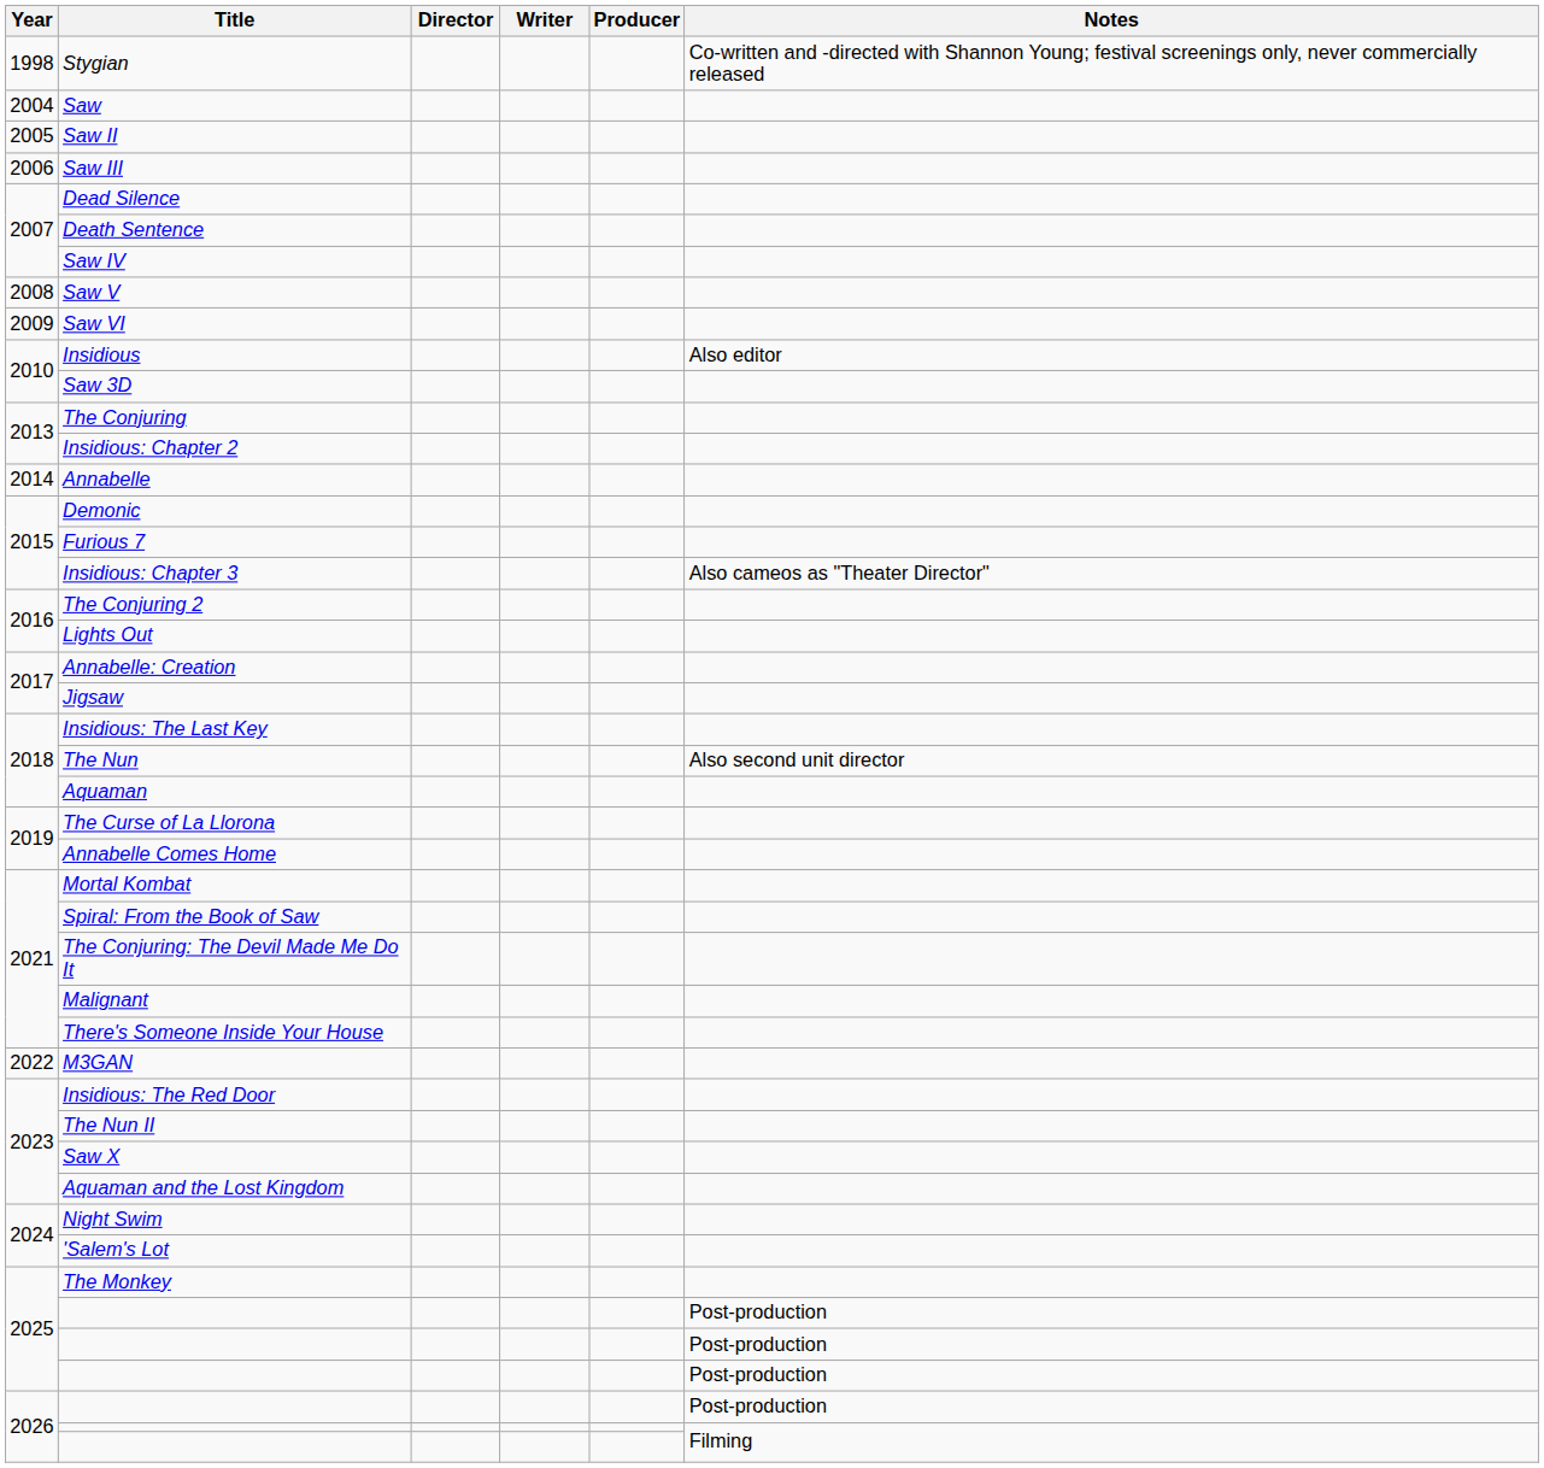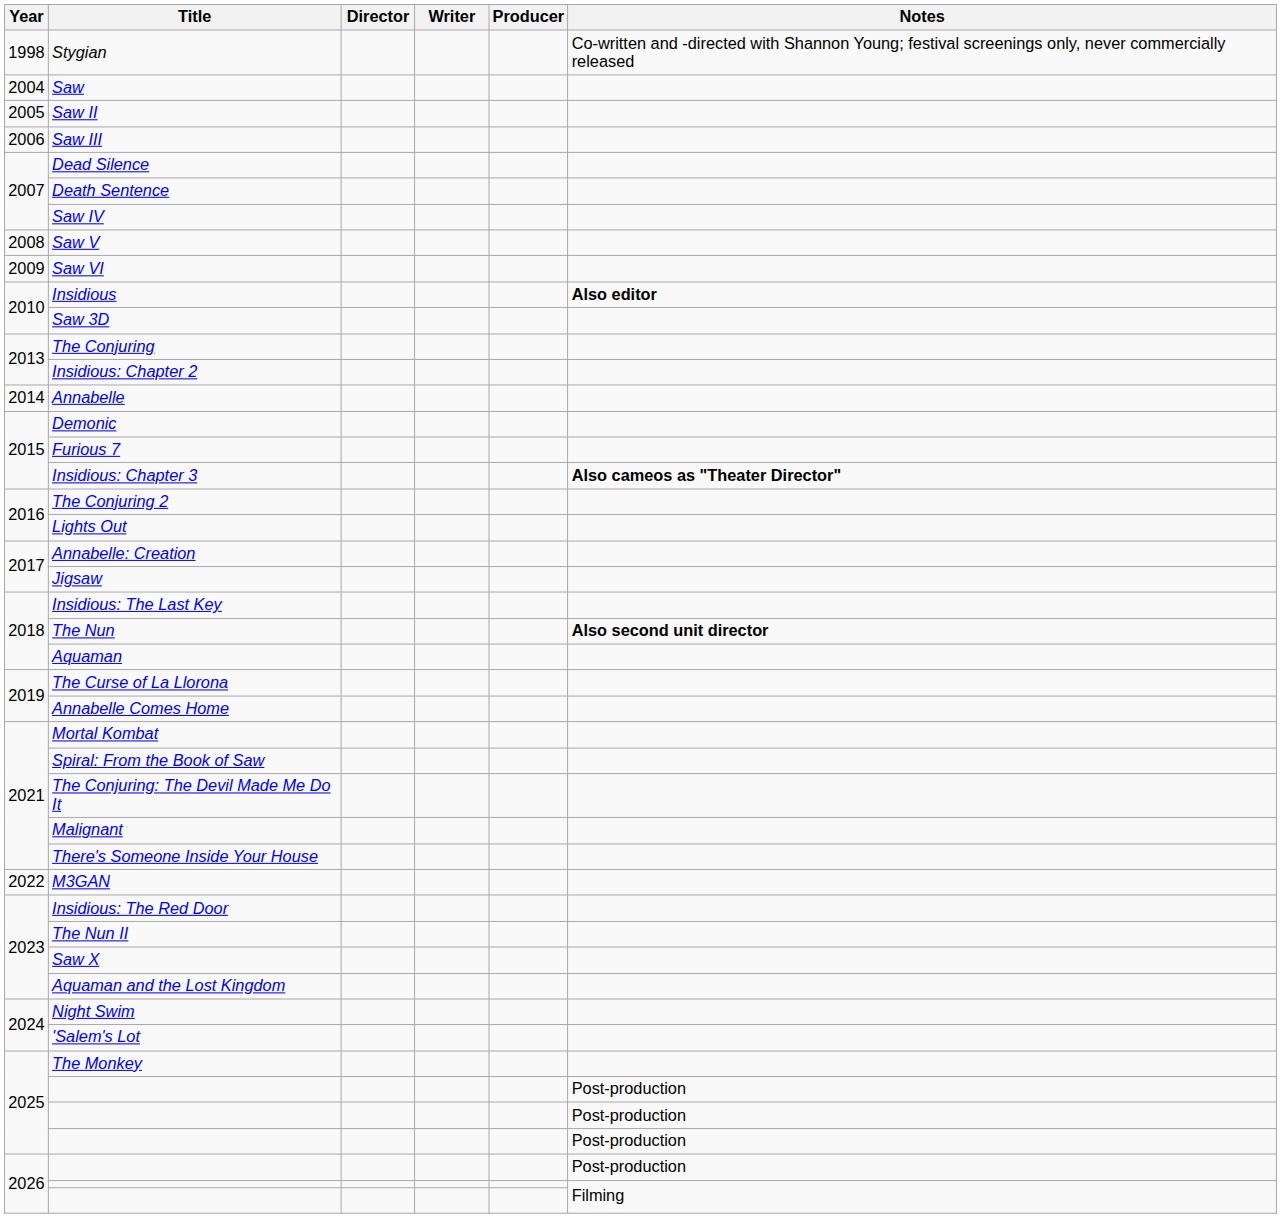 <table class="wikitable sortable">
 <tr>
 <th>Year</th>
 <th>Title</th>
 <th width="65">Director</th>
 <th width="65">Writer</th>
 <th width="65">Producer</th>
 <th class="unsortable">Notes</th>
 </tr>
 <tr>
 <td>1998</td>
 <td><em>Stygian</em></td>
 <td></td>
 <td></td>
 <td></td>
 <td>Co-written and -directed with Shannon Young; festival screenings only, never commercially released</td>
 </tr>
 <tr>
 <td>2004</td>
 <td><em><a href='#'>Saw</a></em></td>
 <td></td>
 <td></td>
 <td></td>
 <td></td>
 </tr>
 <tr>
 <td>2005</td>
 <td><em><a href='#'>Saw II</a></em></td>
 <td></td>
 <td></td>
 <td></td>
 <td></td>
 </tr>
 <tr>
 <td>2006</td>
 <td><em><a href='#'>Saw III</a></em></td>
 <td></td>
 <td></td>
 <td></td>
 <td></td>
 </tr>
 <tr>
 <td rowspan="3">2007</td>
 <td><em><a href='#'>Dead Silence</a></em></td>
 <td></td>
 <td></td>
 <td></td>
 <td></td>
 </tr>
 <tr>
 <td><em><a href='#'>Death Sentence</a></em></td>
 <td></td>
 <td></td>
 <td></td>
 <td></td>
 </tr>
 <tr>
 <td><em><a href='#'>Saw IV</a></em></td>
 <td></td>
 <td></td>
 <td></td>
 <td></td>
 </tr>
 <tr>
 <td>2008</td>
 <td><em><a href='#'>Saw V</a></em></td>
 <td></td>
 <td></td>
 <td></td>
 <td></td>
 </tr>
 <tr>
 <td>2009</td>
 <td><em><a href='#'>Saw VI</a></em></td>
 <td></td>
 <td></td>
 <td></td>
 <td></td>
 </tr>
 <tr>
 <td rowspan="2">2010</td>
 <td><em><a href='#'>Insidious</a></em></td>
 <td></td>
 <td></td>
 <td></td>
-<td>Also editor</td>
+<td><strong>Also editor</strong></td>
 </tr>
 <tr>
 <td><em><a href='#'>Saw 3D</a></em></td>
 <td></td>
 <td></td>
 <td></td>
 <td></td>
 </tr>
 <tr>
 <td rowspan="2">2013</td>
 <td><em><a href='#'>The Conjuring</a></em></td>
 <td></td>
 <td></td>
 <td></td>
 <td></td>
 </tr>
 <tr>
 <td><em><a href='#'>Insidious: Chapter 2</a></em></td>
 <td></td>
 <td></td>
 <td></td>
 <td></td>
 </tr>
 <tr>
 <td>2014</td>
 <td><em><a href='#'>Annabelle</a></em></td>
 <td></td>
 <td></td>
 <td></td>
 <td></td>
 </tr>
 <tr>
 <td rowspan="3">2015</td>
 <td><em><a href='#'>Demonic</a></em></td>
 <td></td>
 <td></td>
 <td></td>
 <td></td>
 </tr>
 <tr>
 <td><em><a href='#'>Furious 7</a></em></td>
 <td></td>
 <td></td>
 <td></td>
 <td></td>
 </tr>
 <tr>
 <td><em><a href='#'>Insidious: Chapter 3</a></em></td>
 <td></td>
 <td></td>
 <td></td>
-<td>Also cameos as "Theater Director"</td>
+<td><strong>Also cameos as "Theater Director"</strong></td>
 </tr>
 <tr>
 <td rowspan="2">2016</td>
 <td><em><a href='#'>The Conjuring 2</a></em></td>
 <td></td>
 <td></td>
 <td></td>
 <td></td>
 </tr>
 <tr>
 <td><em><a href='#'>Lights Out</a></em></td>
 <td></td>
 <td></td>
 <td></td>
 <td></td>
 </tr>
 <tr>
 <td rowspan="2">2017</td>
 <td><em><a href='#'>Annabelle: Creation</a></em></td>
 <td></td>
 <td></td>
 <td></td>
 <td></td>
 </tr>
 <tr>
 <td><em><a href='#'>Jigsaw</a></em></td>
 <td></td>
 <td></td>
 <td></td>
 <td></td>
 </tr>
 <tr>
 <td rowspan="3">2018</td>
 <td><em><a href='#'>Insidious: The Last Key</a></em></td>
 <td></td>
 <td></td>
 <td></td>
 <td></td>
 </tr>
 <tr>
 <td><em><a href='#'>The Nun</a></em></td>
 <td></td>
 <td></td>
 <td></td>
-<td>Also second unit director</td>
+<td><strong>Also second unit director</strong></td>
 </tr>
 <tr>
 <td><em><a href='#'>Aquaman</a></em></td>
 <td></td>
 <td></td>
 <td></td>
 <td></td>
 </tr>
 <tr>
 <td rowspan="2">2019</td>
 <td><em><a href='#'>The Curse of La Llorona</a></em></td>
 <td></td>
 <td></td>
 <td></td>
 <td></td>
 </tr>
 <tr>
 <td><em><a href='#'>Annabelle Comes Home</a></em></td>
 <td></td>
 <td></td>
 <td></td>
 <td></td>
 </tr>
 <tr>
 <td rowspan="5">2021</td>
 <td><em><a href='#'>Mortal Kombat</a></em></td>
 <td></td>
 <td></td>
 <td></td>
 <td></td>
 </tr>
 <tr>
 <td><em><a href='#'>Spiral: From the Book of Saw</a></em></td>
 <td></td>
 <td></td>
 <td></td>
 <td></td>
 </tr>
 <tr>
 <td><em><a href='#'>The Conjuring: The Devil Made Me Do It</a></em></td>
 <td></td>
 <td></td>
 <td></td>
 <td></td>
 </tr>
 <tr>
 <td><em><a href='#'>Malignant</a></em></td>
 <td></td>
 <td></td>
 <td></td>
 <td></td>
 </tr>
 <tr>
 <td><em><a href='#'>There's Someone Inside Your House</a></em></td>
 <td></td>
 <td></td>
 <td></td>
 <td></td>
 </tr>
 <tr>
 <td>2022</td>
 <td><em><a href='#'>M3GAN</a></em></td>
 <td></td>
 <td></td>
 <td></td>
 <td></td>
 </tr>
 <tr>
 <td rowspan="4">2023</td>
 <td><em><a href='#'>Insidious: The Red Door</a></em></td>
 <td></td>
 <td></td>
 <td></td>
 <td></td>
 </tr>
 <tr>
 <td><em><a href='#'>The Nun II</a></em></td>
 <td></td>
 <td></td>
 <td></td>
 <td></td>
 </tr>
 <tr>
 <td><em><a href='#'>Saw X</a></em></td>
 <td></td>
 <td></td>
 <td></td>
 <td></td>
 </tr>
 <tr>
 <td><em><a href='#'>Aquaman and the Lost Kingdom</a></em></td>
 <td></td>
 <td></td>
 <td></td>
 <td></td>
 </tr>
 <tr>
 <td rowspan="2">2024</td>
 <td><em><a href='#'>Night Swim</a></em></td>
 <td></td>
 <td></td>
 <td></td>
 <td></td>
 </tr>
 <tr>
 <td><em><a href='#'>'Salem's Lot</a></em></td>
 <td></td>
 <td></td>
 <td></td>
 <td></td>
 </tr>
 <tr>
 <td rowspan="4">2025</td>
 <td><em><a href='#'>The Monkey</a></em></td>
 <td></td>
 <td></td>
 <td></td>
 <td></td>
 </tr>
 <tr>
 <td></td>
 <td></td>
 <td></td>
 <td></td>
 <td>Post-production</td>
 </tr>
 <tr>
 <td></td>
 <td></td>
 <td></td>
 <td></td>
 <td>Post-production</td>
 </tr>
 <tr>
 <td></td>
 <td></td>
 <td></td>
 <td></td>
 <td>Post-production</td>
 </tr>
 <tr>
 <td rowspan="3">2026</td>
 <td></td>
 <td></td>
 <td></td>
 <td></td>
 <td>Post-production</td>
 </tr>
 <tr>
 <td></td>
 <td></td>
 <td></td>
 <td></td>
 <td rowspan="2">Filming</td>
 </tr>
 <tr>
 <td></td>
 <td></td>
 <td></td>
 <td><br></td>
 </tr>
 </table>
